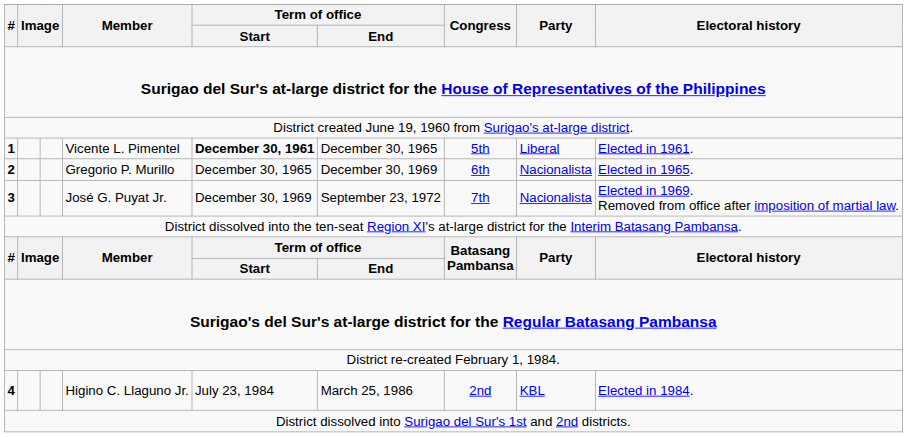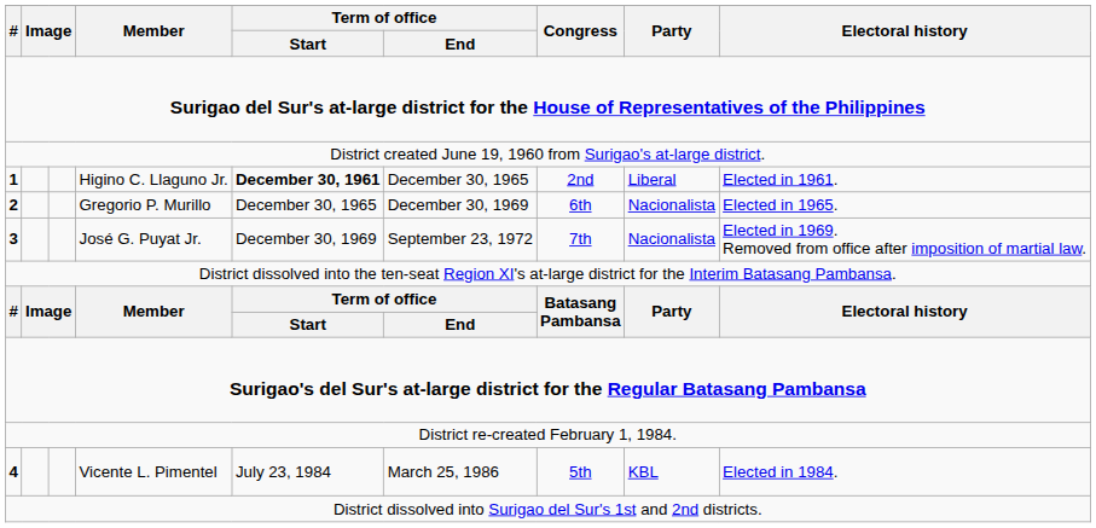 <table class=wikitable>
 <tr>
 </tr>
 <tr>
 <th rowspan="2">#</th>
 <th rowspan="2" colspan=2>Image</th>
 <th rowspan="2">Member</th>
 <th colspan=2>Term of office</th>
 <th rowspan="2">Congress</th>
 <th rowspan="2">Party</th>
 <th rowspan="2">Electoral history</th>
 </tr>
 <tr>
 <th>Start</th>
 <th>End</th>
 </tr>
 <tr>
 <td colspan="9" style="text-align:center;"><br><h3>Surigao del Sur's at-large district for the <a href='#'>House of Representatives of the Philippines</a></h3></td>
 </tr>
 <tr>
 <td colspan="9" style="text-align:center;">District created June 19, 1960 from <a href='#'>Surigao's at-large district</a>.</td>
 </tr>
 <tr>
 <td style="text-align:center;"><strong>1</strong></td>
 <td style="color:inherit;background:"></td>
 <td></td>
-<td>Vicente L. Pimentel</td>
+<td>Higino C. Llaguno Jr.</td>
 <td><strong>December 30, 1961</strong></td>
 <td>December 30, 1965</td>
-<td style="text-align:center;"><a href='#'>5th</a></td>
+<td style="text-align:center;"><a href='#'>2nd</a></td>
 <td><a href='#'>Liberal</a></td>
 <td><a href='#'>Elected in 1961</a>.</td>
 </tr>
 <tr>
 <td style="text-align:center;"><strong>2</strong></td>
 <td style="color:inherit;background:"></td>
 <td></td>
 <td>Gregorio P. Murillo</td>
 <td>December 30, 1965</td>
 <td>December 30, 1969</td>
 <td style="text-align:center;"><a href='#'>6th</a></td>
 <td><a href='#'>Nacionalista</a></td>
 <td><a href='#'>Elected in 1965</a>.</td>
 </tr>
 <tr>
 <td style="text-align:center;"><strong>3</strong></td>
 <td style="color:inherit;background:"></td>
 <td></td>
 <td>José G. Puyat Jr.</td>
 <td>December 30, 1969</td>
 <td>September 23, 1972</td>
 <td style="text-align:center;"><a href='#'>7th</a></td>
 <td><a href='#'>Nacionalista</a></td>
 <td><a href='#'>Elected in 1969</a>.<br>Removed from office after <a href='#'>imposition of martial law</a>.</td>
 </tr>
 <tr>
 <td colspan="9" style="text-align:center;">District dissolved into the ten-seat <a href='#'>Region XI</a>'s at-large district for the <a href='#'>Interim Batasang Pambansa</a>.</td>
 </tr>
 <tr>
 <th rowspan="2">#</th>
 <th rowspan="2" colspan=2>Image</th>
 <th rowspan="2">Member</th>
 <th colspan=2>Term of office</th>
 <th rowspan="2">Batasang<br>Pambansa</th>
 <th rowspan="2">Party</th>
 <th rowspan="2">Electoral history</th>
 </tr>
 <tr>
 <th>Start</th>
 <th>End</th>
 </tr>
 <tr>
 <td colspan="9" style="text-align:center;"><br><h3>Surigao's del Sur's at-large district for the <a href='#'>Regular Batasang Pambansa</a></h3></td>
 </tr>
 <tr>
 <td colspan="9" style="text-align:center;">District re-created February 1, 1984.</td>
 </tr>
 <tr style="height:3em">
 <td style="text-align:center;"><strong>4</strong></td>
 <td style="color:inherit;background:"></td>
 <td></td>
-<td>Higino C. Llaguno Jr.</td>
+<td>Vicente L. Pimentel</td>
 <td>July 23, 1984</td>
 <td>March 25, 1986</td>
-<td style="text-align:center;"><a href='#'>2nd</a></td>
+<td style="text-align:center;"><a href='#'>5th</a></td>
 <td><a href='#'>KBL</a></td>
 <td><a href='#'>Elected in 1984</a>.</td>
 </tr>
 <tr>
 <td colspan="15" style="text-align:center;">District dissolved into <a href='#'>Surigao del Sur's 1st</a> and <a href='#'>2nd</a> districts.</td>
 </tr>
 </table>
